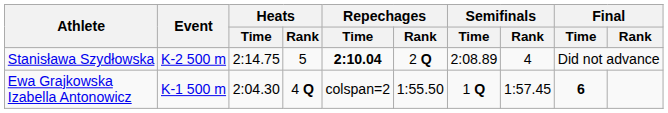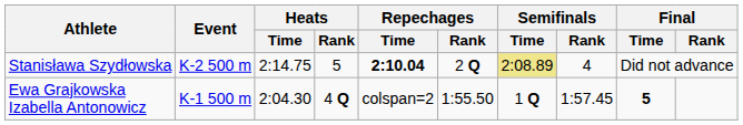 <table class="wikitable" style="font-size:90%">
 <tr>
 <th rowspan=2>Athlete</th>
 <th rowspan=2>Event</th>
 <th colspan=2>Heats</th>
 <th colspan=2>Repechages</th>
 <th colspan=2>Semifinals</th>
 <th colspan=2>Final</th>
 </tr>
 <tr style="font-size:95%">
 <th>Time</th>
 <th>Rank</th>
 <th>Time</th>
 <th>Rank</th>
 <th>Time</th>
 <th>Rank</th>
 <th>Time</th>
 <th>Rank</th>
 </tr>
 <tr align=center>
 <td align=left><a href='#'>Stanisława Szydłowska</a></td>
 <td align=left><a href='#'>K-2 500 m</a></td>
 <td>2:14.75</td>
 <td>5</td>
 <td><strong>2:10.04</strong></td>
 <td>2 <strong>Q</strong></td>
-<td>2:08.89</td>
+<td style="background: khaki;">2:08.89</td>
 <td>4</td>
 <td colspan=2>Did not advance</td>
 </tr>
 <tr align=center>
 <td align=left><a href='#'>Ewa Grajkowska</a><br><a href='#'>Izabella Antonowicz</a></td>
 <td align=left><a href='#'>K-1 500 m</a></td>
 <td>2:04.30</td>
 <td>4 <strong>Q</strong></td>
 <td>colspan=2 </td>
 <td>1:55.50</td>
 <td>1 <strong>Q</strong></td>
 <td>1:57.45</td>
-<td><strong>6</strong></td>
+<td><strong>5</strong></td>
 </tr>
 </table>
